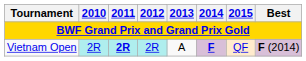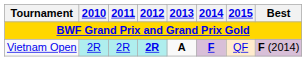 <table style='font-size: 90%; text-align:center;' class='wikitable'>
 <tr>
 <th>Tournament</th>
 <th><a href='#'>2010</a></th>
 <th><a href='#'>2011</a></th>
 <th><a href='#'>2012</a></th>
 <th><a href='#'>2013</a></th>
 <th><a href='#'>2014</a></th>
 <th><a href='#'>2015</a></th>
 <th>Best</th>
 </tr>
 <tr bgcolor=FFD700>
 <td colspan="8" align=center><strong><a href='#'>BWF Grand Prix and Grand Prix Gold</a></strong></td>
 </tr>
 <tr>
 <td align=left><a href='#'>Vietnam Open</a></td>
 <td bgcolor=AFEEEE><a href='#'>2R</a></td>
+<td bgcolor=AFEEEE><a href='#'>2R</a></td>
 <td bgcolor=AFEEEE><strong><a href='#'>2R</a></strong></td>
-<td bgcolor=AFEEEE><a href='#'>2R</a></td>
-<td>A</td>
+<td><strong>A</strong></td>
 <td bgcolor=D8BFD8><a href='#'><strong>F</strong></a></td>
 <td bgcolor=FFEBCD><a href='#'>QF</a></td>
 <td bgcolor=D8BFD8><strong>F</strong> (2014)</td>
 </tr>
 </table>
